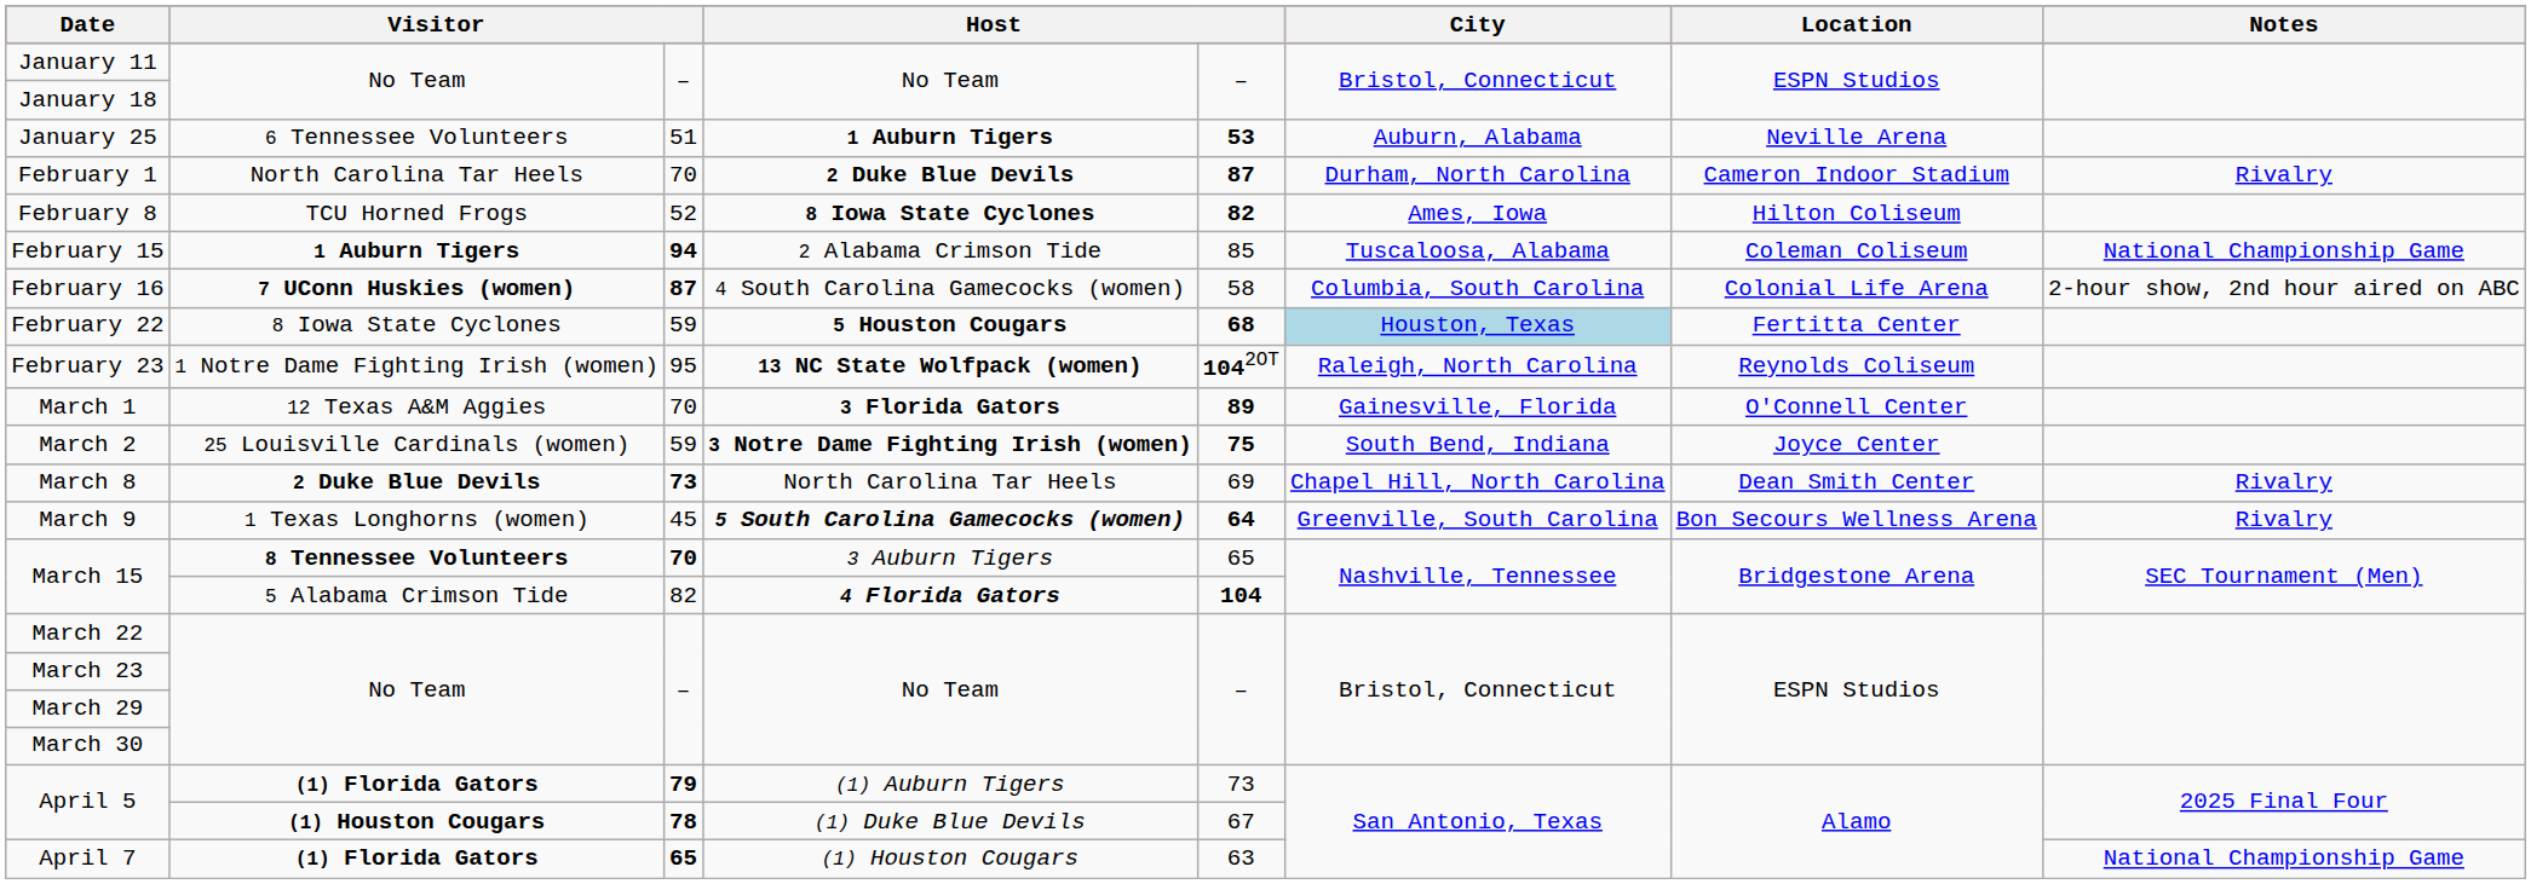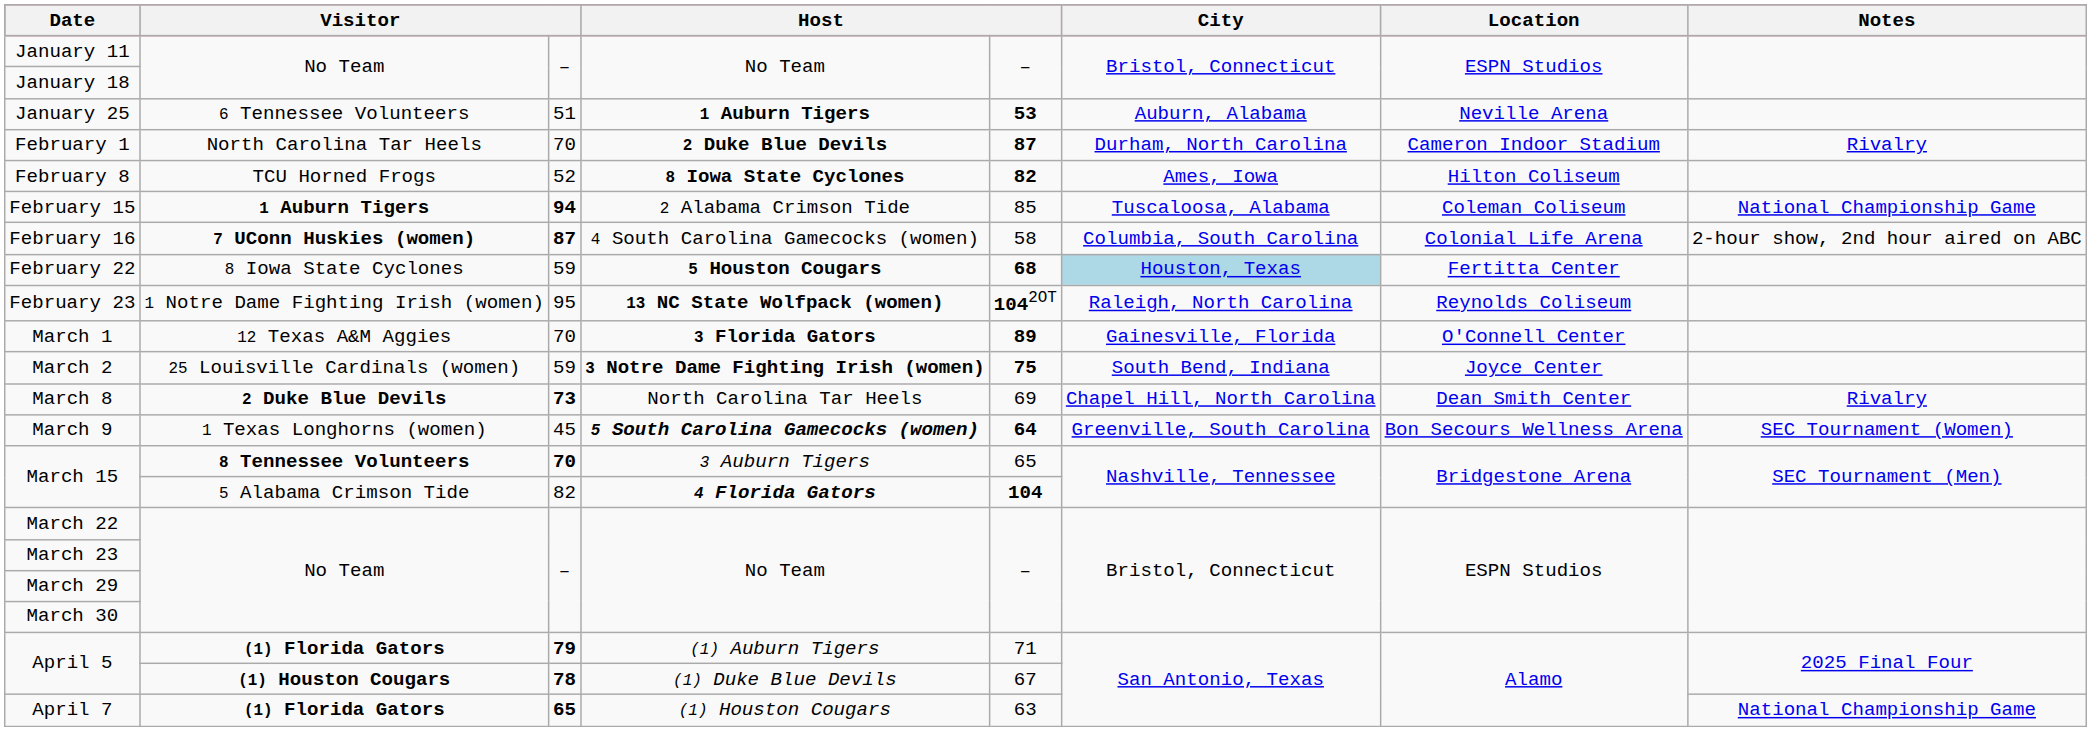 <table class="wikitable" style="text-align:center">
 <tr style="background:#A32638;"|>
 <th>Date</th>
 <th colspan=2>Visitor</th>
 <th colspan=2>Host</th>
 <th>City</th>
 <th>Location</th>
 <th>Notes</th>
 </tr>
 <tr>
 <td>January 11</td>
 <td rowspan="2">No Team</td>
 <td rowspan="2">–</td>
 <td rowspan="2">No Team</td>
 <td rowspan="2">–</td>
 <td rowspan="2"><a href='#'>Bristol, Connecticut</a></td>
 <td rowspan="2"><a href='#'>ESPN Studios</a></td>
 <td rowspan="2"></td>
 </tr>
 <tr>
 <td>January 18</td>
 </tr>
 <tr>
 <td>January 25</td>
 <td><small>6</small> Tennessee Volunteers</td>
 <td>51</td>
 <td><strong><small>1</small> Auburn Tigers</strong></td>
 <td><strong>53</strong></td>
 <td><a href='#'>Auburn, Alabama</a></td>
 <td><a href='#'>Neville Arena</a></td>
 <td></td>
 </tr>
 <tr>
 <td>February 1</td>
 <td>North Carolina Tar Heels</td>
 <td>70</td>
 <td><strong><small>2</small> Duke Blue Devils</strong></td>
 <td><strong>87</strong></td>
 <td><a href='#'>Durham, North Carolina</a></td>
 <td><a href='#'>Cameron Indoor Stadium</a></td>
 <td><a href='#'>Rivalry</a></td>
 </tr>
 <tr>
 <td>February 8</td>
 <td>TCU Horned Frogs</td>
 <td>52</td>
 <td><strong><small>8</small> Iowa State Cyclones</strong></td>
 <td><strong>82</strong></td>
 <td><a href='#'>Ames, Iowa</a></td>
 <td><a href='#'>Hilton Coliseum</a></td>
 <td></td>
 </tr>
 <tr>
 <td>February 15</td>
 <td><strong><small>1</small> Auburn Tigers</strong></td>
 <td><strong>94</strong></td>
 <td><small>2</small> Alabama Crimson Tide</td>
 <td>85</td>
 <td><a href='#'>Tuscaloosa, Alabama</a></td>
 <td><a href='#'>Coleman Coliseum</a></td>
 <td><a href='#'>National Championship Game</a></td>
 </tr>
 <tr>
 <td>February 16</td>
 <td><strong><small>7</small> UConn Huskies (women)</strong></td>
 <td><strong>87</strong></td>
 <td><small>4</small> South Carolina Gamecocks (women)</td>
 <td>58</td>
 <td><a href='#'>Columbia, South Carolina</a></td>
 <td><a href='#'>Colonial Life Arena</a></td>
 <td>2-hour show, 2nd hour aired on ABC</td>
 </tr>
 <tr>
 <td>February 22</td>
 <td><small>8</small> Iowa State Cyclones</td>
 <td>59</td>
 <td><strong><small>5</small> Houston Cougars</strong></td>
 <td><strong>68</strong></td>
 <td style="background: lightblue;"><a href='#'>Houston, Texas</a></td>
 <td><a href='#'>Fertitta Center</a></td>
 <td></td>
 </tr>
 <tr>
 <td>February 23</td>
 <td><small>1</small> Notre Dame Fighting Irish (women)</td>
 <td>95</td>
 <td><strong><small>13</small> NC State Wolfpack (women)</strong></td>
 <td><strong>104</strong><sup>2OT</sup></td>
 <td><a href='#'>Raleigh, North Carolina</a></td>
 <td><a href='#'>Reynolds Coliseum</a></td>
 <td></td>
 </tr>
 <tr>
 <td>March 1</td>
 <td><small>12</small> Texas A&M Aggies</td>
 <td>70</td>
 <td><strong><small>3</small> Florida Gators</strong></td>
 <td><strong>89</strong></td>
 <td><a href='#'>Gainesville, Florida</a></td>
 <td><a href='#'>O'Connell Center</a></td>
 <td></td>
 </tr>
 <tr>
 <td>March 2</td>
 <td><small>25</small> Louisville Cardinals (women)</td>
 <td>59</td>
 <td><strong><small>3</small> Notre Dame Fighting Irish (women)</strong></td>
 <td><strong>75</strong></td>
 <td><a href='#'>South Bend, Indiana</a></td>
 <td><a href='#'>Joyce Center</a></td>
 <td></td>
 </tr>
 <tr>
 <td>March 8</td>
 <td><strong><small>2</small> Duke Blue Devils</strong></td>
 <td><strong>73</strong></td>
 <td>North Carolina Tar Heels</td>
 <td>69</td>
 <td><a href='#'>Chapel Hill, North Carolina</a></td>
 <td><a href='#'>Dean Smith Center</a></td>
 <td><a href='#'>Rivalry</a></td>
 </tr>
 <tr>
 <td>March 9</td>
 <td><small>1</small> Texas Longhorns (women)</td>
 <td>45</td>
 <td><strong><em><small>5</small> South Carolina Gamecocks (women)</em></strong></td>
 <td><strong>64</strong></td>
 <td><a href='#'>Greenville, South Carolina</a></td>
 <td><a href='#'>Bon Secours Wellness Arena</a></td>
-<td><a href='#'>Rivalry</a></td>
+<td><a href='#'>SEC Tournament (Women)</a></td>
 </tr>
 <tr>
 <td rowspan="2">March 15</td>
 <td><strong><small>8</small> Tennessee Volunteers</strong></td>
 <td><strong>70</strong></td>
 <td><em><small>3</small> Auburn Tigers</em></td>
 <td>65</td>
 <td rowspan="2"><a href='#'>Nashville, Tennessee</a></td>
 <td rowspan="2"><a href='#'>Bridgestone Arena</a></td>
 <td rowspan="2"><a href='#'>SEC Tournament (Men)</a></td>
 </tr>
 <tr>
 <td><small>5</small> Alabama Crimson Tide</td>
 <td>82</td>
 <td><strong><em><small>4</small> Florida Gators</em></strong></td>
 <td><strong>104</strong></td>
 </tr>
 <tr>
 <td>March 22</td>
 <td rowspan="4">No Team</td>
 <td rowspan="4">–</td>
 <td rowspan="4">No Team</td>
 <td rowspan="4">–</td>
 <td rowspan="4">Bristol, Connecticut</td>
 <td rowspan="4">ESPN Studios</td>
 <td rowspan="4"></td>
 </tr>
 <tr>
 <td>March 23</td>
 </tr>
 <tr>
 <td>March 29</td>
 </tr>
 <tr>
 <td>March 30</td>
 </tr>
 <tr>
 <td rowspan="2">April 5</td>
 <td><strong><small>(1)</small> Florida Gators</strong></td>
 <td><strong>79</strong></td>
 <td><em><small>(1)</small> Auburn Tigers</em></td>
-<td>73</td>
+<td>71</td>
 <td rowspan="3"><a href='#'>San Antonio, Texas</a></td>
 <td rowspan="3"><a href='#'>Alamo</a></td>
 <td rowspan="2"><a href='#'>2025 Final Four</a></td>
 </tr>
 <tr>
 <td><strong><small>(1)</small> Houston Cougars</strong></td>
 <td><strong>78</strong></td>
 <td><em><small>(1)</small> Duke Blue Devils</em></td>
 <td>67</td>
 </tr>
 <tr>
 <td>April 7</td>
 <td><strong><small>(1)</small> Florida Gators</strong></td>
 <td><strong>65</strong></td>
 <td><em><small>(1)</small> Houston Cougars</em></td>
 <td>63</td>
 <td><a href='#'>National Championship Game</a></td>
 </tr>
 </table>
